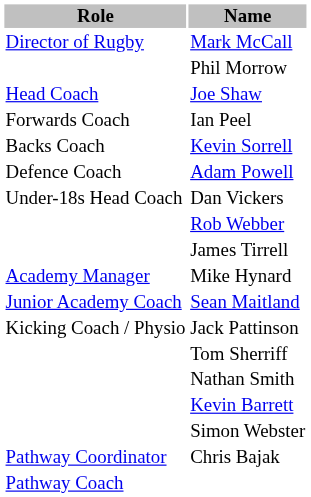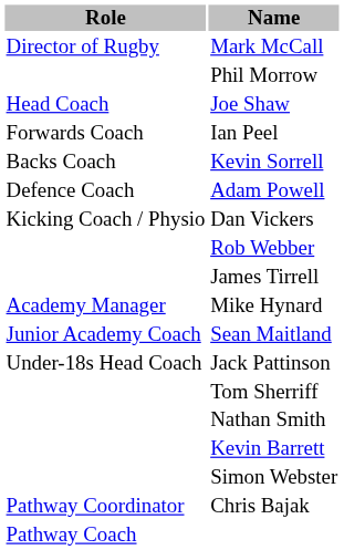 <table class="toccolours">
 <tr>
 <th style="background:silver;" align=center>Role</th>
 <th style="background:silver;" align=center>Name</th>
 </tr>
 <tr>
 <td><a href='#'>Director of Rugby</a></td>
 <td> <a href='#'>Mark McCall</a></td>
 </tr>
 <tr>
 <td></td>
 <td> Phil Morrow</td>
 </tr>
 <tr>
 <td><a href='#'>Head Coach</a></td>
 <td> <a href='#'>Joe Shaw</a></td>
 </tr>
 <tr>
 <td>Forwards Coach</td>
 <td> Ian Peel</td>
 </tr>
 <tr>
 <td>Backs Coach</td>
 <td> <a href='#'>Kevin Sorrell</a></td>
 </tr>
 <tr>
 <td>Defence Coach</td>
 <td> <a href='#'>Adam Powell</a></td>
 </tr>
 <tr>
-<td>Under-18s Head Coach</td>
+<td>Kicking Coach / Physio</td>
 <td> Dan Vickers</td>
 </tr>
 <tr>
 <td></td>
 <td> <a href='#'>Rob Webber</a></td>
 </tr>
 <tr>
 <td></td>
 <td> James Tirrell</td>
 </tr>
 <tr>
 <td><a href='#'>Academy Manager</a></td>
 <td> Mike Hynard</td>
 </tr>
 <tr>
 <td><a href='#'>Junior Academy Coach</a></td>
 <td> <a href='#'>Sean Maitland</a></td>
 </tr>
 <tr>
-<td>Kicking Coach / Physio</td>
+<td>Under-18s Head Coach</td>
 <td> Jack Pattinson</td>
 </tr>
 <tr>
 <td></td>
 <td> Tom Sherriff</td>
 </tr>
 <tr>
 <td></td>
 <td> Nathan Smith</td>
 </tr>
 <tr>
 <td></td>
 <td> <a href='#'>Kevin Barrett</a></td>
 </tr>
 <tr>
 <td></td>
 <td> Simon Webster</td>
 </tr>
 <tr>
 <td><a href='#'>Pathway Coordinator</a></td>
 <td> Chris Bajak</td>
 </tr>
 <tr>
 <td><a href='#'>Pathway Coach</a></td>
 <td></td>
 </tr>
 <tr>
 </tr>
 </table>
